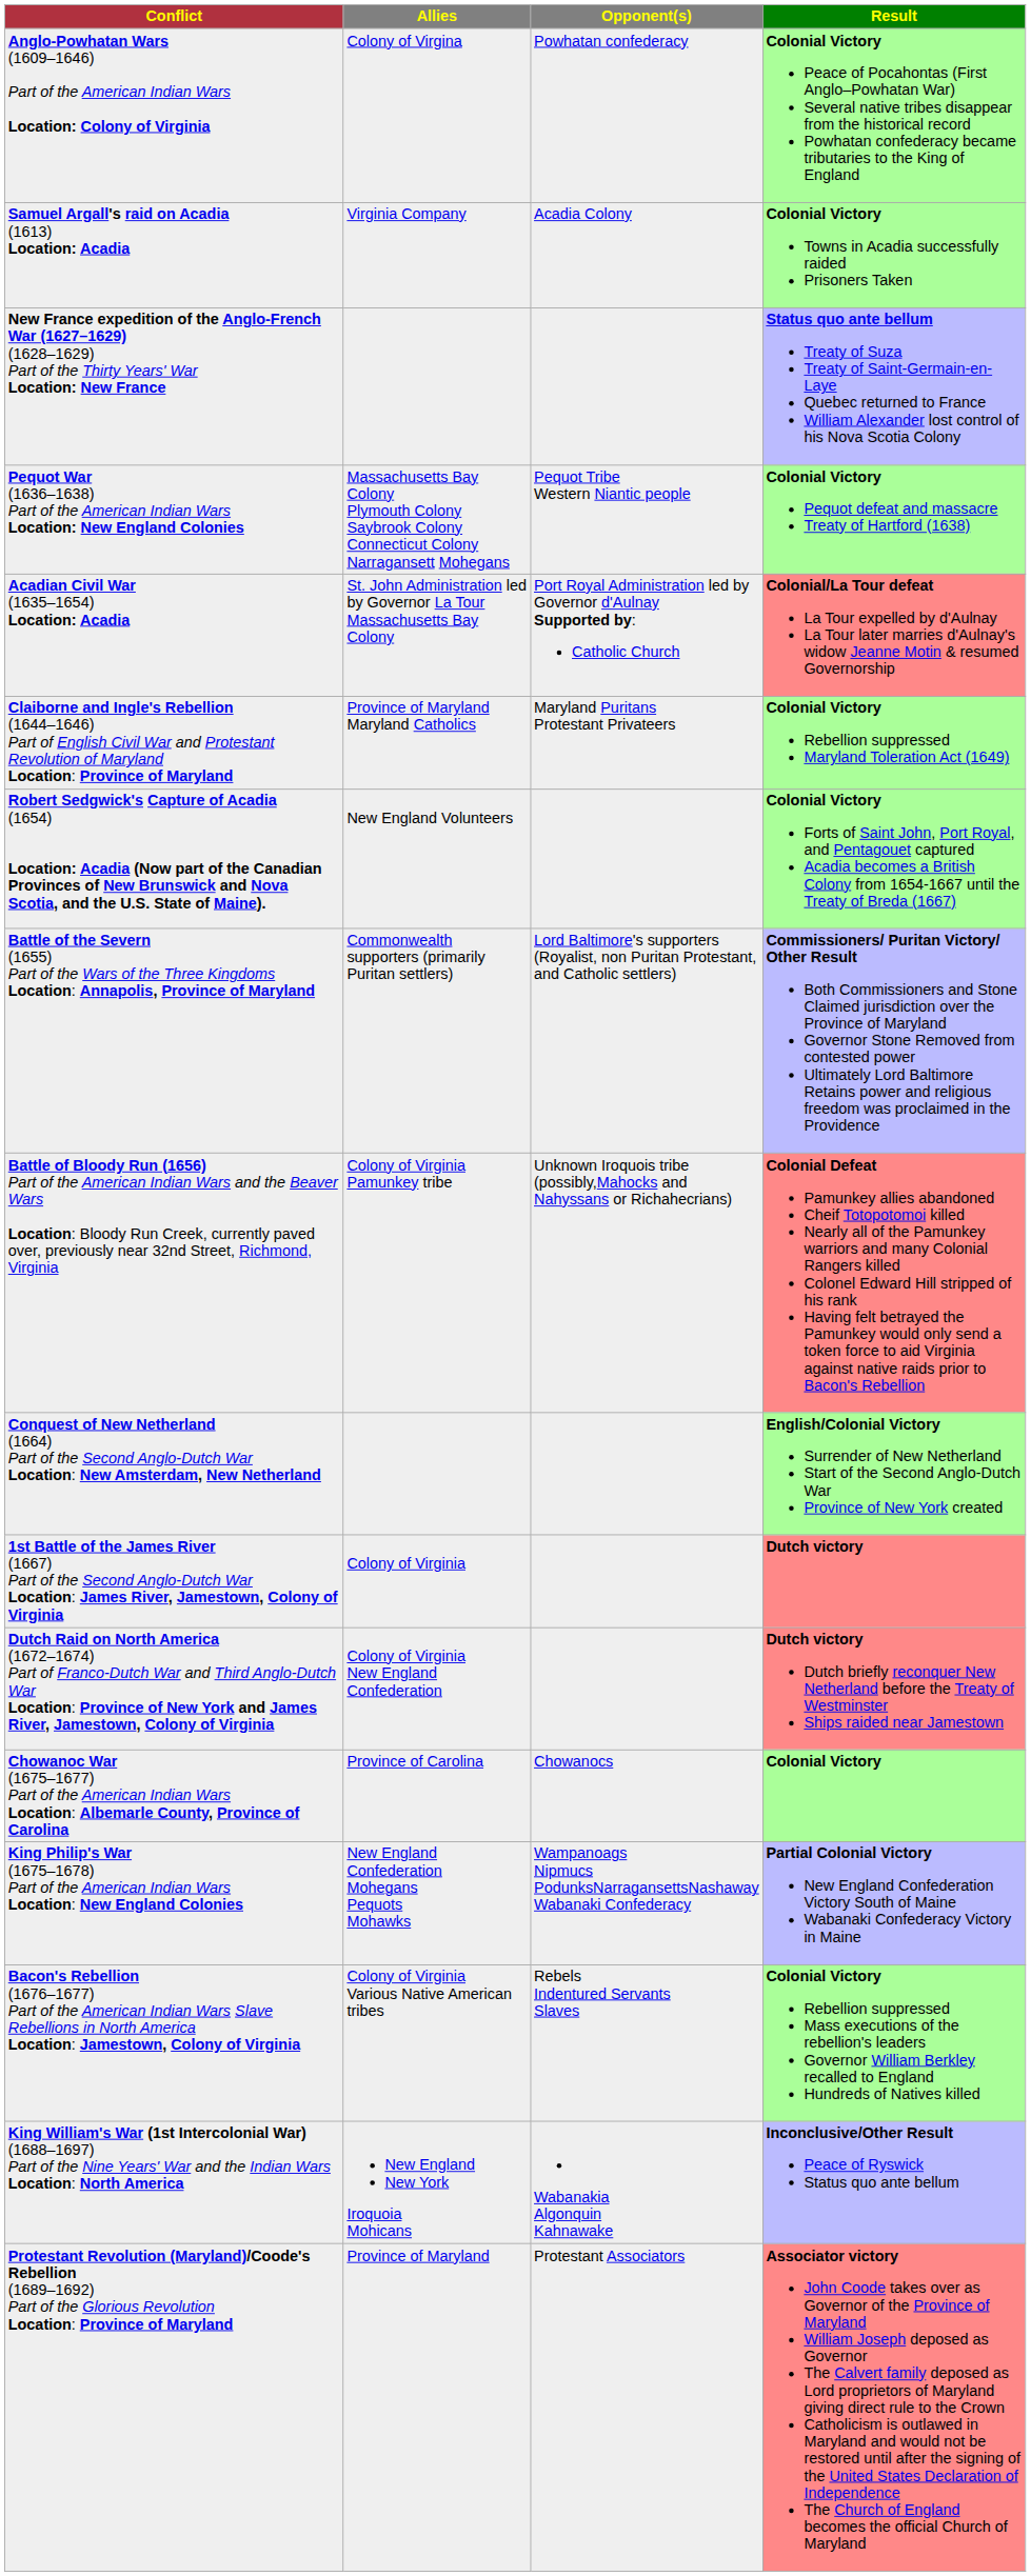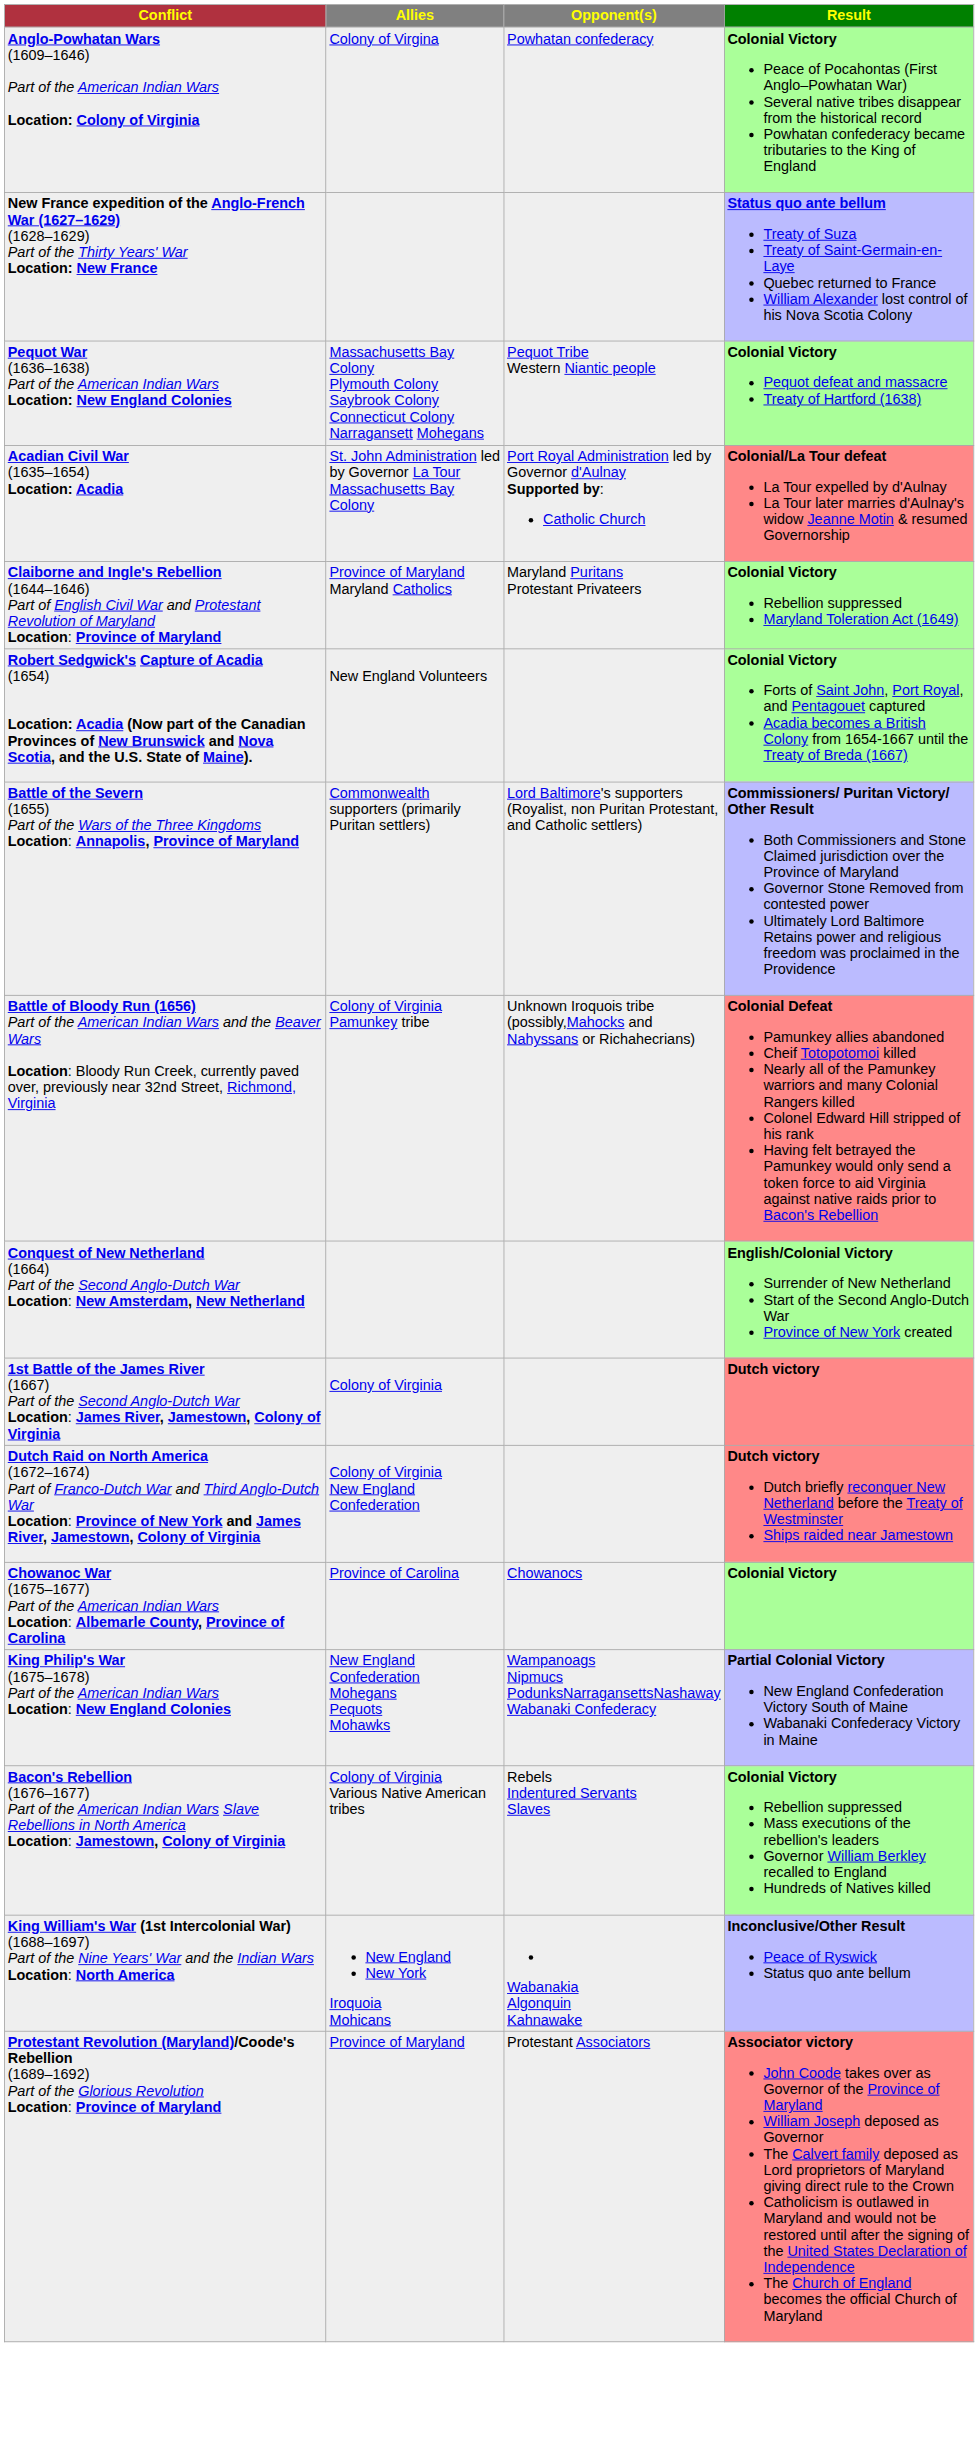 <table class="wikitable sticky-header">
 <tr style="vertical-align:top; color:yellow;">
 <th style="background:#b0313f; width:350px;"><span>Conflict</span></th>
 <th style="background:gray; width:190px;"><span>Allies</span></th>
 <th style="background:gray; width:180px;"><span>Opponent(s)</span></th>
 <th style="background:green; width:270px;"><span>Result</span></th>
 </tr>
 <tr style="vertical-align: top;">
 <td style="background:#efefef"><strong><a href='#'>Anglo-Powhatan Wars</a></strong><br>(1609–1646)<br><br><em>Part of the <a href='#'>American Indian Wars</a></em><br><br><strong>Location:</strong> <strong><a href='#'>Colony of Virginia</a></strong><br></td>
 <td style="background:#efefef"><a href='#'>Colony of Virgina</a></td>
 <td style="background:#efefef"><a href='#'>Powhatan confederacy</a></td>
 <td style="background:#AF9"><strong>Colonial Victory</strong><br><ul><li>Peace of Pocahontas (First Anglo–Powhatan War)</li><li>Several native tribes disappear from the historical record</li><li>Powhatan confederacy became tributaries to the King of England</li></ul></td>
-</tr>
-<tr style="vertical-align: top;">
-<td style="background:#efefef"><strong><a href='#'>Samuel Argall</a>'s <a href='#'>raid on Acadia</a></strong><br>(1613)<br><strong>Location: <a href='#'>Acadia</a></strong> </td>
-<td style="background:#efefef"><a href='#'>Virginia Company</a></td>
-<td style="background:#efefef"><a href='#'>Acadia Colony</a></td>
-<td style="background:#AF9"><strong>Colonial Victory</strong><br><ul><li>Towns in Acadia successfully raided</li><li>Prisoners Taken</li></ul></td>
 </tr>
 <tr style="vertical-align: top;">
 <td style="background:#efefef"><strong>New France expedition of the <a href='#'>Anglo-French War (1627–1629)</a></strong><br>(1628–1629)<br><em>Part of the <a href='#'>Thirty Years' War</a></em><br><strong>Location: <a href='#'>New France</a></strong> </td>
 <td style="background:#efefef"></td>
 <td style="background:#efefef"></td>
 <td style="Background:#BBF"><strong><a href='#'>Status quo ante bellum</a></strong><br><ul><li><a href='#'>Treaty of Suza</a></li><li><a href='#'>Treaty of Saint-Germain-en-Laye</a></li><li>Quebec returned to France</li><li><a href='#'>William Alexander</a> lost control of his Nova Scotia Colony</li></ul></td>
 </tr>
 <tr style="vertical-align: top;">
 <td style="background:#efefef"><strong><a href='#'>Pequot War</a></strong><br>(1636–1638)<br><em>Part of the <a href='#'>American Indian Wars</a></em><br><strong>Location:</strong> <strong><a href='#'>New England Colonies</a></strong><br></td>
 <td style="background:#efefef"><a href='#'>Massachusetts Bay Colony</a><br><a href='#'>Plymouth Colony</a> <a href='#'>Saybrook Colony</a> <a href='#'>Connecticut Colony</a> <a href='#'>Narragansett</a>  <a href='#'>Mohegans</a></td>
 <td style="background:#efefef"><a href='#'>Pequot Tribe</a><br>Western <a href='#'>Niantic people</a></td>
 <td style="background:#AF9"><strong>Colonial Victory</strong><br><ul><li><a href='#'>Pequot defeat and massacre</a></li><li><a href='#'>Treaty of Hartford (1638)</a></li></ul></td>
 </tr>
 <tr style="vertical-align: top;">
 <td style="background:#efefef"><strong><a href='#'>Acadian Civil War</a></strong><br>(1635–1654)<br><strong>Location: <a href='#'>Acadia</a></strong> </td>
 <td style="background:#efefef"><a href='#'>St. John Administration</a> led by Governor <a href='#'>La Tour</a><br><a href='#'>Massachusetts Bay Colony</a></td>
 <td style="background:#efefef"><a href='#'>Port Royal Administration</a> led by Governor <a href='#'>d'Aulnay</a><br><strong>Supported by</strong>:<ul><li><a href='#'>Catholic Church</a></li></ul></td>
 <td style="background:#F88"><strong>Colonial/La Tour defeat</strong><br><ul><li>La Tour expelled by d'Aulnay</li><li>La Tour later marries d'Aulnay's widow <a href='#'>Jeanne Motin</a> & resumed Governorship</li></ul></td>
 </tr>
 <tr style="vertical-align: top;">
 <td style="background:#efefef"><a href='#'><strong>Claiborne and Ingle's Rebellion</strong></a><br>(1644–1646)<br><em>Part of <a href='#'>English Civil War</a> and <a href='#'>Protestant Revolution of Maryland</a></em><br><strong>Location</strong>: <strong><a href='#'>Province of Maryland</a></strong></td>
 <td style="background:#efefef"><a href='#'>Province of Maryland</a><br>Maryland <a href='#'>Catholics</a></td>
 <td style="background:#efefef">Maryland <a href='#'>Puritans</a><br>Protestant Privateers</td>
 <td style="background:#AF9"><strong>Colonial Victory</strong><br><ul><li>Rebellion suppressed</li><li><a href='#'>Maryland Toleration Act (1649)</a></li></ul></td>
 </tr>
 <tr style="vertical-align: top;">
 <td style="background:#efefef"><strong><a href='#'>Robert Sedgwick's</a> <a href='#'>Capture of Acadia</a></strong><br>(1654)<br><br><br><strong>Location: <a href='#'>Acadia</a> (Now part of the Canadian Provinces of <a href='#'>New Brunswick</a> and <a href='#'>Nova Scotia</a>, and the U.S. State of <a href='#'>Maine</a>).</strong></td>
 <td style="background:#efefef"><br>New England Volunteers</td>
 <td style="background:#efefef"></td>
 <td style="background:#AF9"><strong>Colonial Victory</strong><br><ul><li>Forts of <a href='#'>Saint John</a>, <a href='#'>Port Royal</a>, and <a href='#'>Pentagouet</a> captured</li><li><a href='#'>Acadia becomes a British Colony</a> from 1654-1667 until the <a href='#'>Treaty of Breda (1667)</a></li></ul></td>
 </tr>
 <tr style="vertical-align: top;">
 <td style="background:#efefef"><strong><a href='#'>Battle of the Severn</a></strong><br>(1655)<br><em>Part of the <a href='#'>Wars of the Three Kingdoms</a></em><br><strong>Location</strong>: <strong><a href='#'>Annapolis</a>, <a href='#'>Province of Maryland</a></strong></td>
 <td style="background:#efefef"><a href='#'>Commonwealth</a> supporters (primarily Puritan settlers)</td>
 <td style="background:#efefef"><a href='#'>Lord Baltimore</a>'s supporters (Royalist, non Puritan Protestant, and Catholic settlers)</td>
 <td style="Background:#BBF"><strong>Commissioners/ Puritan Victory/ Other Result</strong><br><ul><li>Both Commissioners and Stone Claimed jurisdiction over the Province of Maryland</li><li>Governor Stone Removed from contested power</li><li>Ultimately Lord Baltimore Retains power and religious freedom was proclaimed in the Providence</li></ul></td>
 </tr>
 <tr style="vertical-align: top;">
 <td style="background:#efefef"><strong><a href='#'>Battle of Bloody Run (1656)</a></strong><br><em>Part of the <a href='#'>American Indian Wars</a> and the <a href='#'>Beaver Wars</a></em><br><br> <strong>Location</strong>: Bloody Run Creek, currently paved over, previously near 32nd Street, <a href='#'>Richmond, Virginia</a></td>
 <td style="background:#efefef"> <a href='#'>Colony of Virginia</a><br><a href='#'>Pamunkey</a> tribe</td>
 <td style="background:#efefef">Unknown Iroquois tribe (possibly,<a href='#'>Mahocks</a> and <a href='#'>Nahyssans</a> or Richahecrians)</td>
 <td style="background:#F88"><strong>Colonial Defeat</strong><br><ul><li>Pamunkey allies abandoned</li><li>Cheif <a href='#'>Totopotomoi</a> killed</li><li>Nearly all of the Pamunkey warriors and many Colonial Rangers killed</li><li>Colonel Edward Hill stripped of his rank</li><li>Having felt betrayed the Pamunkey would only send a token force to aid Virginia against native raids prior to <a href='#'>Bacon's Rebellion</a></li></ul></td>
 </tr>
 <tr style="vertical-align: top;">
 <td style="background:#efefef"><strong><a href='#'>Conquest of New Netherland</a></strong><br>(1664)<br><em>Part of the <a href='#'>Second Anglo-Dutch War</a></em><br><strong>Location</strong>: <strong><a href='#'>New Amsterdam</a>, <a href='#'>New Netherland</a></strong><br></td>
 <td style="background:#efefef"></td>
 <td style="background:#efefef"></td>
 <td style="background:#AF9"><strong>English/Colonial Victory</strong><br><ul><li>Surrender of New Netherland</li><li>Start of the Second Anglo-Dutch War</li><li><a href='#'>Province of New York</a> created</li></ul></td>
 </tr>
 <tr style="vertical-align: top;">
 <td style="background:#efefef"><strong><a href='#'>1st Battle of the James River</a></strong> <br>(1667)<br><em>Part of the <a href='#'>Second Anglo-Dutch War</a></em><br><strong>Location</strong>: <strong><a href='#'>James River</a>, <a href='#'>Jamestown</a>, <a href='#'>Colony of Virginia</a></strong></td>
 <td style="background:#efefef"><br> <a href='#'>Colony of Virginia</a></td>
 <td style="background:#efefef"></td>
 <td style="background:#F88"><strong>Dutch victory</strong></td>
 </tr>
 <tr style="vertical-align: top;">
 <td style="background:#efefef"><strong><a href='#'>Dutch Raid on North America</a></strong><br>(1672–1674)<br><em>Part of <a href='#'>Franco-Dutch War</a> and <a href='#'>Third Anglo-Dutch War</a></em><br><strong>Location</strong>: <strong><a href='#'>Province of New York</a></strong> <strong>and <a href='#'>James River</a>, <a href='#'>Jamestown</a>, <a href='#'>Colony of Virginia</a></strong></td>
 <td style="background:#efefef"><br> <a href='#'>Colony of Virginia</a><br><a href='#'>New England Confederation</a></td>
 <td style="background:#efefef"></td>
 <td style="background:#F88"><strong>Dutch victory</strong><br><ul><li>Dutch briefly <a href='#'>reconquer New Netherland</a> before the <a href='#'>Treaty of Westminster</a></li><li><a href='#'>Ships raided near Jamestown</a></li></ul></td>
 </tr>
 <tr style="vertical-align: top;">
 <td style="background:#efefef"><strong><a href='#'>Chowanoc War</a></strong><br>(1675–1677)<br><em>Part of the <a href='#'>American Indian Wars</a></em><br><strong>Location</strong>:  <strong><a href='#'>Albemarle County</a>, <a href='#'>Province of Carolina</a></strong></td>
 <td style="background:#efefef"><a href='#'>Province of Carolina</a></td>
 <td style="background:#efefef"><a href='#'>Chowanocs</a></td>
 <td style="background:#AF9"><strong>Colonial Victory</strong></td>
 </tr>
 <tr style="vertical-align: top;">
 <td style="background:#efefef"><strong><a href='#'>King Philip's War</a></strong><br>(1675–1678)<br><em>Part of the <a href='#'>American Indian Wars</a></em><br><strong>Location</strong>: <strong><a href='#'>New England Colonies</a></strong><br></td>
 <td style="background:#efefef"> <a href='#'>New England Confederation</a><br><a href='#'>Mohegans</a><br><a href='#'>Pequots</a><br><a href='#'>Mohawks</a></td>
 <td style="background:#efefef"><a href='#'>Wampanoags</a><br><a href='#'>Nipmucs</a><br><a href='#'>Podunks</a><a href='#'>Narragansetts</a><a href='#'>Nashaway</a><br><a href='#'>Wabanaki Confederacy</a></td>
 <td style="Background:#BBF"><strong>Partial Colonial Victory</strong><br><ul><li>New England Confederation Victory South of Maine</li><li>Wabanaki Confederacy Victory in Maine</li></ul></td>
 </tr>
 <tr style="vertical-align: top;">
 <td style="background:#efefef"><strong><a href='#'>Bacon's Rebellion</a></strong><br>(1676–1677)<br><em>Part of the <a href='#'>American Indian Wars</a> <a href='#'>Slave Rebellions in North America</a></em><br><strong>Location</strong>: <strong><a href='#'>Jamestown</a>, <a href='#'>Colony of Virginia</a></strong><br></td>
 <td style="background:#efefef"> <a href='#'>Colony of Virginia</a><br>Various Native American tribes</td>
 <td style="background:#efefef">Rebels<br><a href='#'>Indentured Servants</a><br><a href='#'>Slaves</a></td>
 <td style="background:#AF9"><strong>Colonial Victory</strong><br><ul><li>Rebellion suppressed</li><li>Mass executions of the rebellion's leaders</li><li>Governor <a href='#'>William Berkley</a> recalled to England</li><li>Hundreds of Natives killed</li></ul></td>
 </tr>
 <tr style="vertical-align: top;">
 <td style="background:#efefef"><strong><a href='#'>King William's War</a> (1st Intercolonial War)</strong><br>(1688–1697)<br><em>Part of the <a href='#'>Nine Years' War</a> and the <a href='#'>Indian Wars</a></em><br><strong>Location</strong>: <strong><a href='#'>North America</a></strong><br></td>
 <td style="background:#efefef"><br><ul><li> <a href='#'>New England</a></li><li> <a href='#'>New York</a></li></ul><a href='#'>Iroquoia</a><br><a href='#'>Mohicans</a></td>
 <td style="background:#efefef"><br><ul><li></li></ul><a href='#'>Wabanakia</a><br><a href='#'>Algonquin</a><br><a href='#'>Kahnawake</a></td>
 <td style="Background:#BBF"><strong>Inconclusive/Other Result</strong><br><ul><li><a href='#'>Peace of Ryswick</a></li><li>Status quo ante bellum</li></ul></td>
 </tr>
 <tr style="vertical-align: top;">
 <td style="background:#efefef"><strong><a href='#'>Protestant Revolution (Maryland)</a>/Coode's Rebellion</strong><br>(1689–1692)<br><em>Part of the <a href='#'>Glorious Revolution</a></em><br><strong>Location</strong>: <strong><a href='#'>Province of Maryland</a></strong></td>
 <td style="background:#efefef"><a href='#'>Province of Maryland</a></td>
 <td style="background:#efefef">Protestant <a href='#'>Associators</a></td>
 <td style="background:#F88"><strong>Associator victory</strong><br><ul><li><a href='#'>John Coode</a> takes over as Governor of the <a href='#'>Province of Maryland</a></li><li><a href='#'>William Joseph</a> deposed as Governor</li><li>The <a href='#'>Calvert family</a> deposed as  Lord proprietors of Maryland giving direct rule to the Crown</li><li>Catholicism is outlawed in Maryland and would not be restored until after the signing of the <a href='#'>United States Declaration of Independence</a></li><li>The <a href='#'>Church of England</a> becomes the official Church of Maryland</li></ul></td>
 </tr>
 </table>
